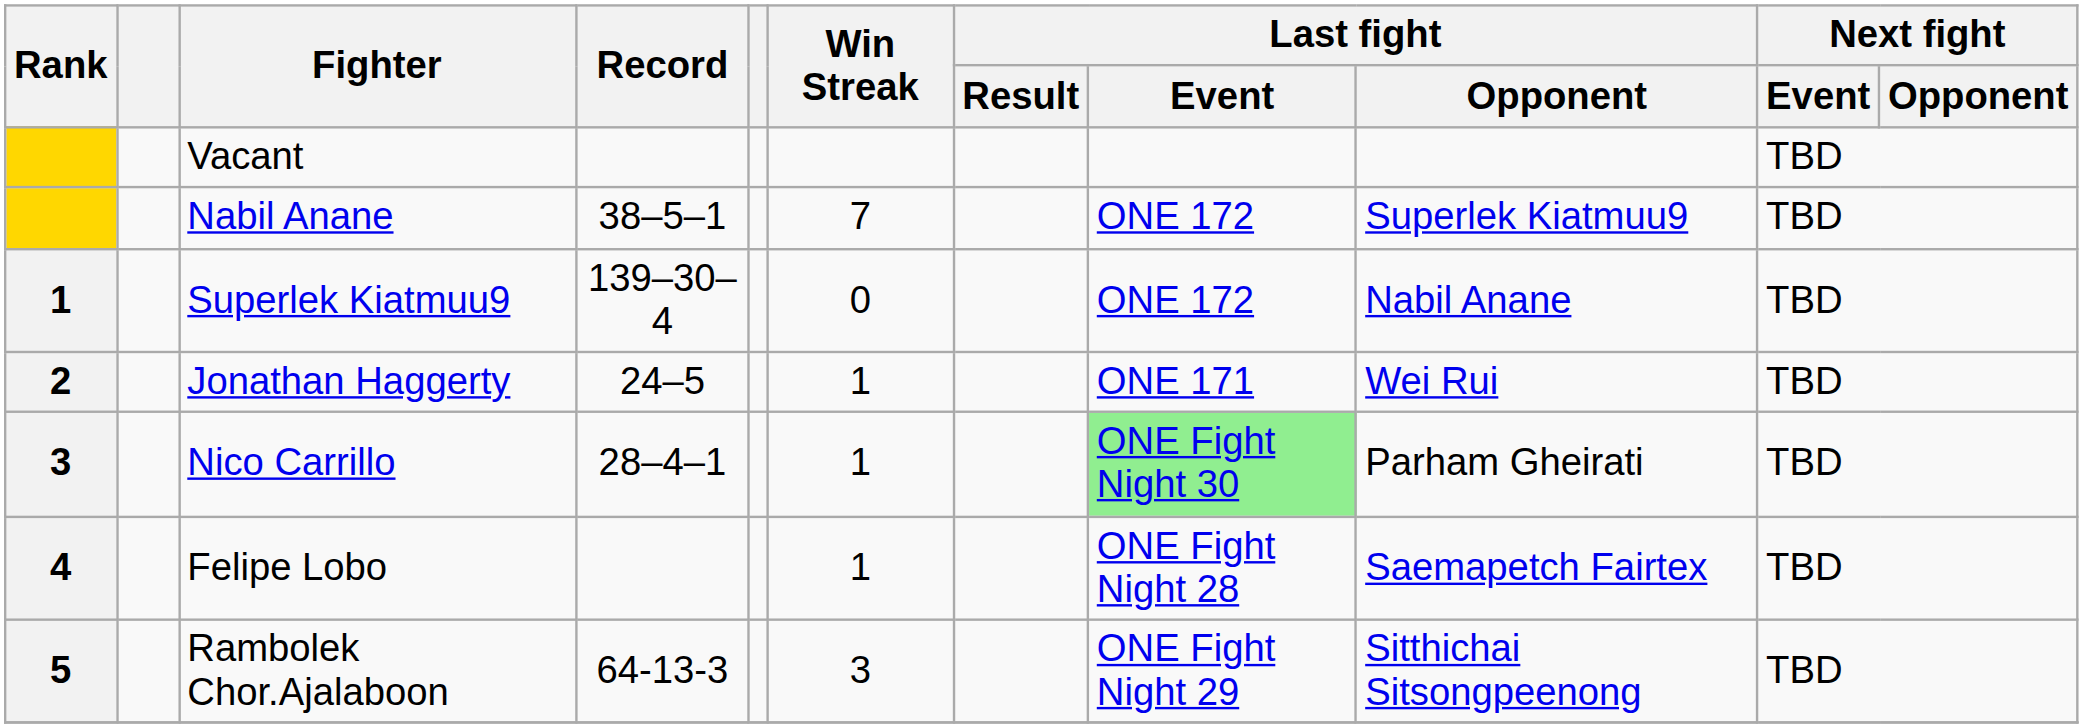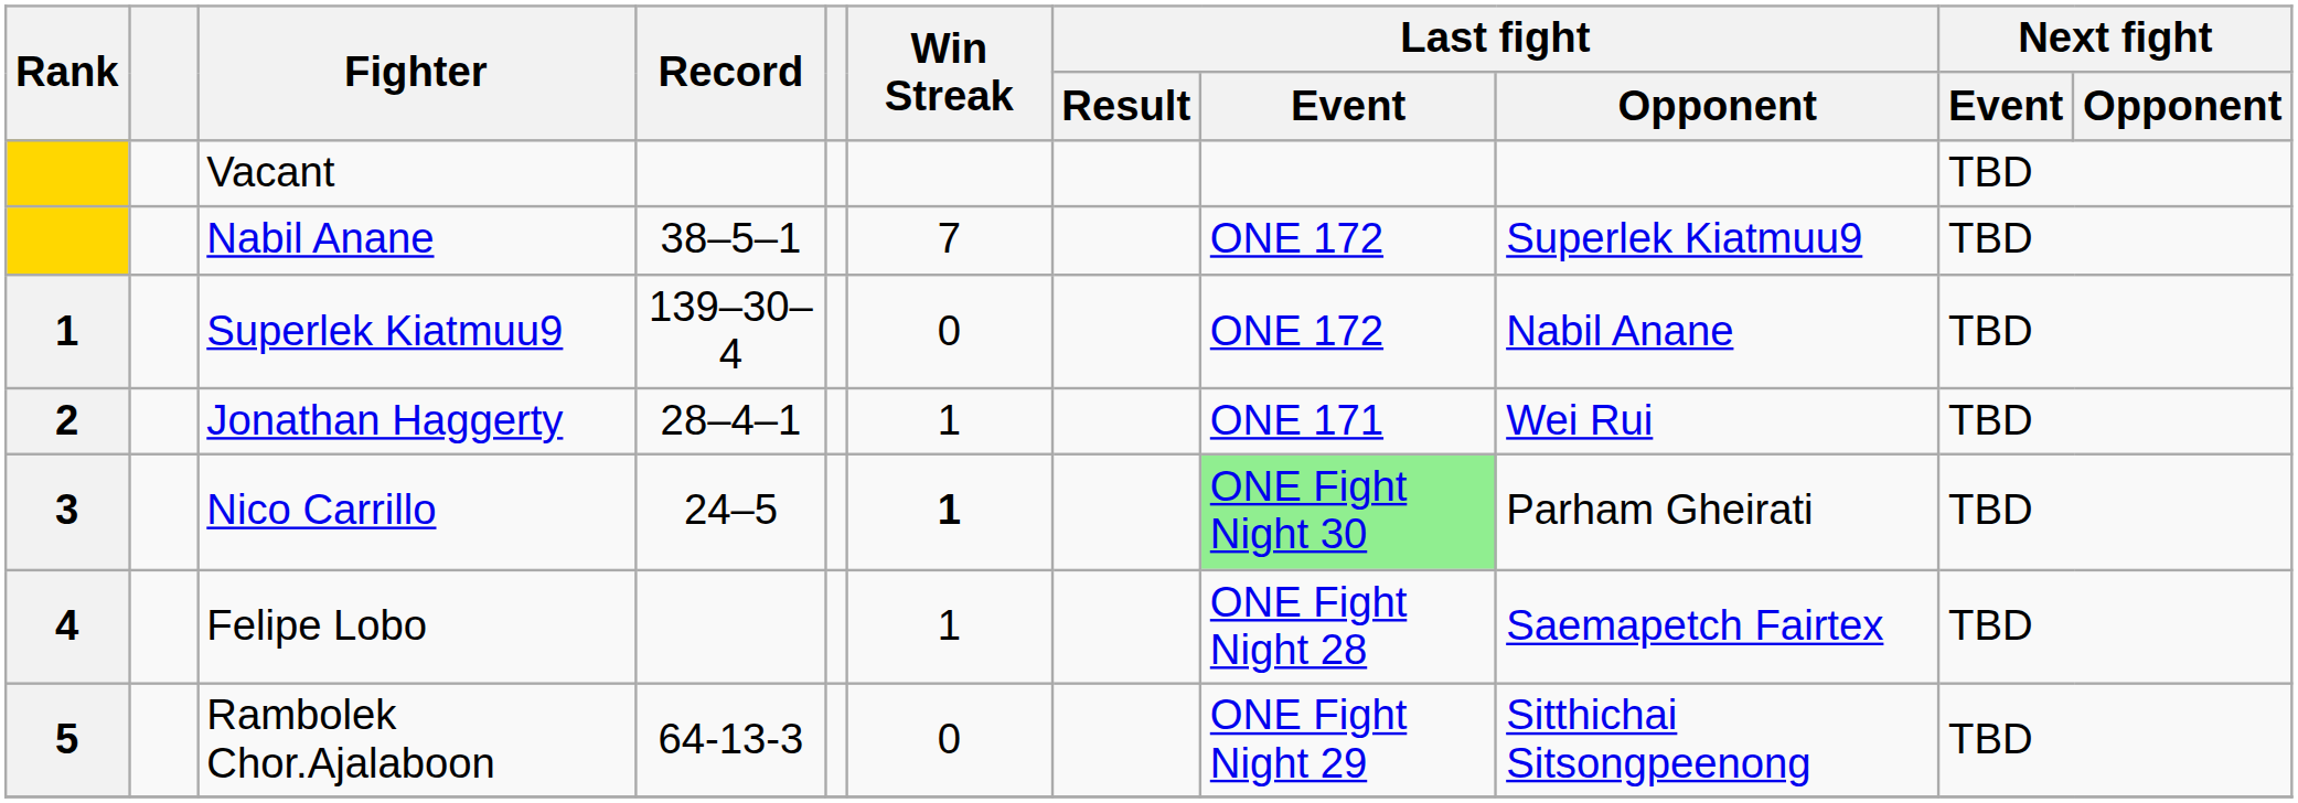 <table class="wikitable" style="display: inline-table;">
 <tr>
 <th rowspan=2>Rank</th>
 <th width=3% rowspan=2></th>
 <th rowspan=2>Fighter</th>
 <th rowspan=2>Record</th>
 <th rowspan=2></th>
 <th rowspan=2>Win Streak</th>
 <th colspan=3>Last fight</th>
 <th colspan=2>Next fight</th>
 </tr>
 <tr>
 <th>Result</th>
 <th>Event</th>
 <th>Opponent</th>
 <th>Event</th>
 <th>Opponent</th>
 </tr>
 <tr>
 <th style="background:gold"></th>
 <td></td>
 <td>Vacant</td>
 <td align="center"></td>
 <td align="center"></td>
 <td align=center></td>
 <td></td>
 <td></td>
 <td></td>
 <td colspan="2">TBD</td>
 </tr>
 <tr>
 <th style="background:gold"></th>
 <td></td>
 <td><a href='#'>Nabil Anane</a></td>
 <td align="center">38–5–1</td>
 <td align="center"></td>
 <td align="center">7</td>
 <td></td>
 <td><a href='#'>ONE 172</a></td>
 <td><a href='#'>Superlek Kiatmuu9</a></td>
 <td colspan="2">TBD</td>
 </tr>
 <tr>
 <th>1</th>
 <td></td>
 <td><a href='#'>Superlek Kiatmuu9</a></td>
 <td align="center">139–30–4</td>
 <td align="center"></td>
 <td align=center>0</td>
 <td></td>
 <td><a href='#'>ONE 172</a></td>
 <td><a href='#'>Nabil Anane</a></td>
 <td colspan="2">TBD</td>
 </tr>
 <tr>
 <th>2</th>
 <td></td>
 <td><a href='#'>Jonathan Haggerty</a></td>
-<td align="center">24–5</td>
+<td align="center">28–4–1</td>
 <td align="center"></td>
 <td align=center>1</td>
 <td></td>
 <td><a href='#'>ONE 171</a></td>
 <td><a href='#'>Wei Rui</a></td>
 <td colspan="2">TBD</td>
 </tr>
 <tr>
 <th>3</th>
 <td></td>
 <td><a href='#'>Nico Carrillo</a></td>
-<td align="center">28–4–1</td>
+<td align="center">24–5</td>
 <td align="center"></td>
-<td align=center>1</td>
+<td align=center><strong>1</strong></td>
 <td></td>
 <td style="background: lightgreen;"><a href='#'>ONE Fight Night 30</a></td>
 <td>Parham Gheirati</td>
 <td colspan="2">TBD</td>
 </tr>
 <tr>
 <th>4</th>
 <td></td>
 <td>Felipe Lobo</td>
 <td align="center"></td>
 <td align="center"></td>
 <td align="center">1</td>
 <td></td>
 <td><a href='#'>ONE Fight Night 28</a></td>
 <td><a href='#'>Saemapetch Fairtex</a></td>
 <td colspan="2">TBD</td>
 </tr>
 <tr>
 <th>5</th>
 <td></td>
 <td>Rambolek Chor.Ajalaboon</td>
 <td align="center">64-13-3</td>
 <td align="center"></td>
-<td align="center">3</td>
+<td align="center">0</td>
 <td></td>
 <td><a href='#'>ONE Fight Night 29</a></td>
 <td><a href='#'>Sitthichai Sitsongpeenong</a></td>
 <td colspan="2">TBD</td>
 </tr>
 <tr>
 </tr>
 </table>
